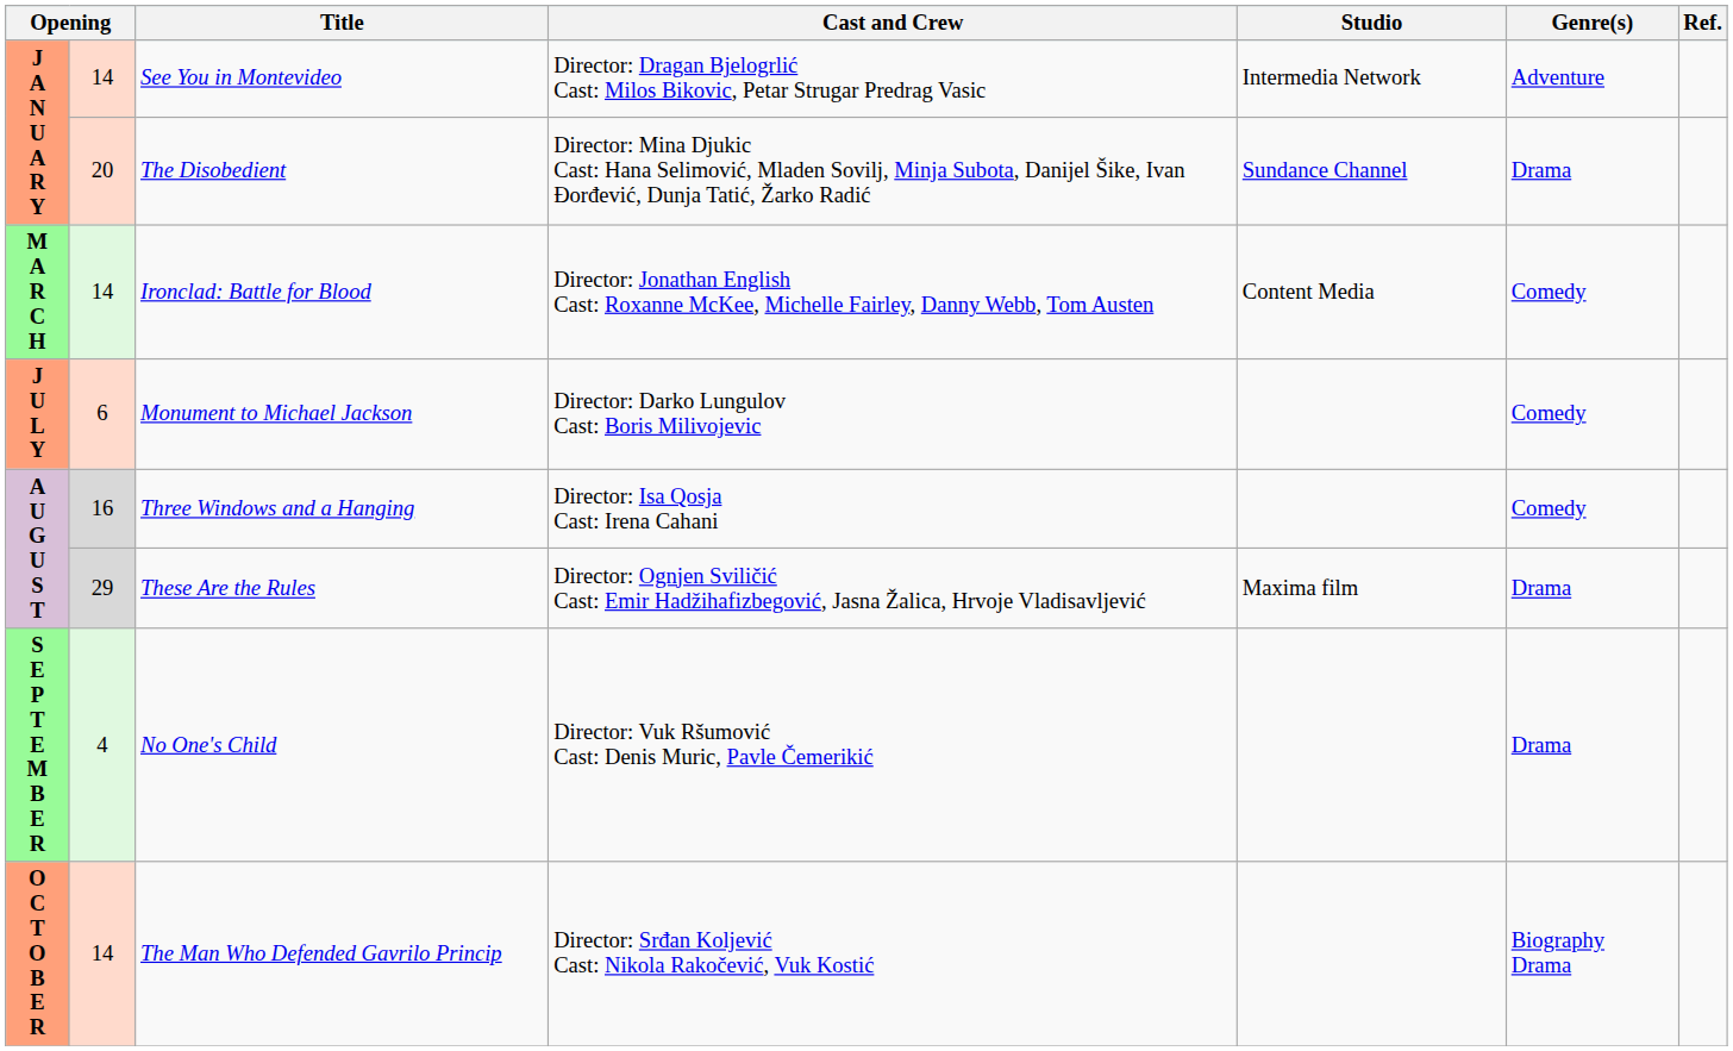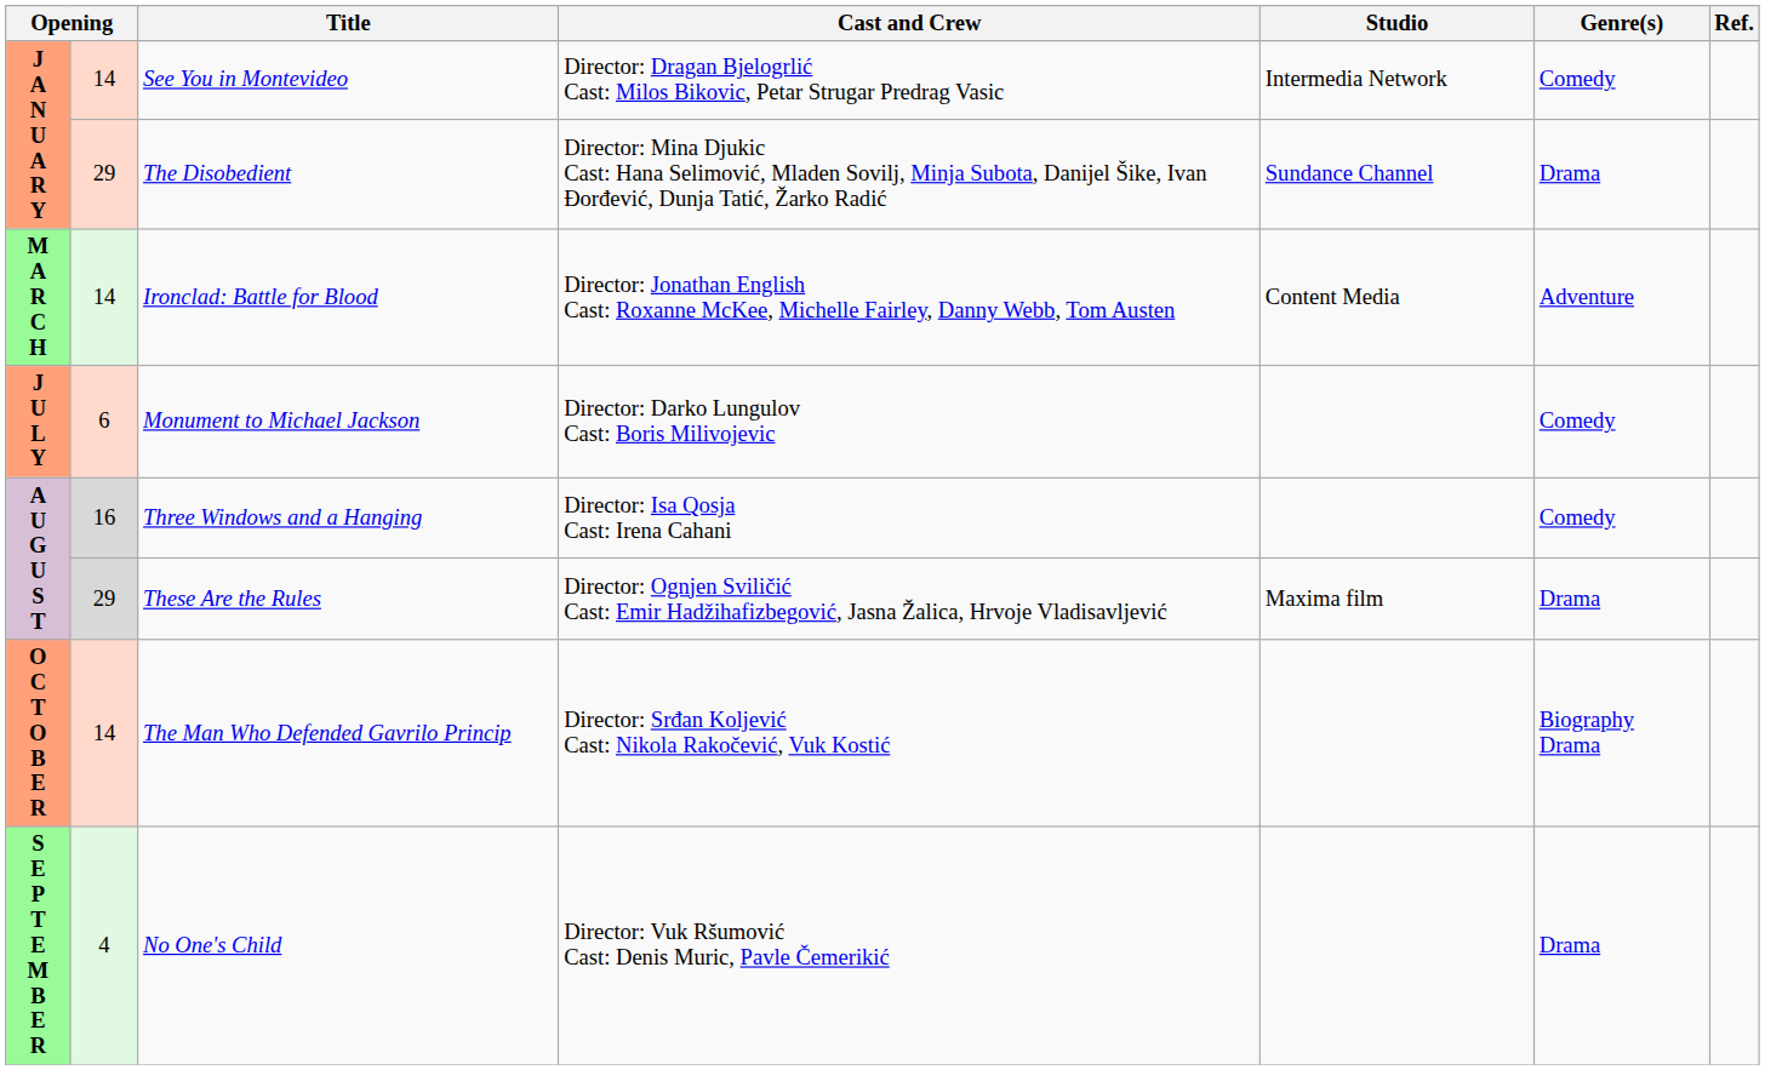 <table class="wikitable">
 <tr style="background:#b0e0e6; text-align:center;">
 <th colspan="2">Opening</th>
 <th style="width:24%;">Title</th>
 <th style="width:40%;">Cast and Crew</th>
 <th>Studio</th>
 <th style="width:10%;">Genre(s)</th>
 <th style="width:2%;">Ref.</th>
 </tr>
 <tr>
 <th rowspan="2" style="text-align:center; background:#ffa07a; textcolor:#000;">J<br>A<br>N<br>U<br>A<br>R<br>Y</th>
 <td rowspan="1" style="text-align:center; background:#ffdacc;">14</td>
 <td><em><a href='#'>See You in Montevideo</a></em></td>
 <td>Director: <a href='#'>Dragan Bjelogrlić</a> <br> Cast: <a href='#'>Milos Bikovic</a>, Petar Strugar Predrag Vasic</td>
 <td>Intermedia Network</td>
-<td><a href='#'>Adventure</a></td>
+<td><a href='#'>Comedy</a></td>
 <td style="text-align:center"></td>
 </tr>
 <tr>
-<td rowspan="1" style="text-align:center; background:#ffdacc;">20</td>
+<td rowspan="1" style="text-align:center; background:#ffdacc;">29</td>
 <td><em><a href='#'>The Disobedient</a></em></td>
 <td>Director: Mina Djukic <br> Cast: Hana Selimović, Mladen Sovilj, <a href='#'>Minja Subota</a>, Danijel Šike, Ivan Đorđević, Dunja Tatić, Žarko Radić</td>
 <td><a href='#'>Sundance Channel</a></td>
 <td><a href='#'>Drama</a></td>
 <td style="text-align:center"></td>
 </tr>
 <tr>
 <th rowspan="1" style="text-align:center; background:#98fb98; textcolor:#000;">M<br>A<br>R<br>C<br>H</th>
 <td rowspan="1" style="text-align:center; background:#e0f9e0;">14</td>
 <td><em><a href='#'>Ironclad: Battle for Blood</a></em></td>
 <td>Director: <a href='#'>Jonathan English</a> <br> Cast: <a href='#'>Roxanne McKee</a>, <a href='#'>Michelle Fairley</a>, <a href='#'>Danny Webb</a>, <a href='#'>Tom Austen</a></td>
 <td>Content Media</td>
-<td><a href='#'>Comedy</a></td>
+<td><a href='#'>Adventure</a></td>
 <td style="text-align:center"></td>
 </tr>
 <tr>
 <th rowspan="1" style="text-align:center; background:#ffa07a; textcolor:#000;">J<br>U<br>L<br>Y</th>
 <td rowspan="1" style="text-align:center; background:#ffdacc;">6</td>
 <td><em><a href='#'>Monument to Michael Jackson</a></em></td>
 <td>Director: Darko Lungulov <br> Cast: <a href='#'>Boris Milivojevic</a></td>
 <td></td>
 <td><a href='#'>Comedy</a></td>
 <td style="text-align:center"></td>
 </tr>
 <tr>
 <th rowspan="2" style="text-align:center; background:thistle; textcolor:#000;">A<br>U<br>G<br>U<br>S<br>T</th>
 <td rowspan="1" style="text-align:center; background:#d8d8d8;">16</td>
 <td><em><a href='#'>Three Windows and a Hanging</a></em></td>
 <td>Director: <a href='#'>Isa Qosja</a> <br> Cast: Irena Cahani</td>
 <td></td>
 <td><a href='#'>Comedy</a></td>
 <td style="text-align:center"></td>
 </tr>
 <tr>
 <td rowspan="1" style="text-align:center; background:#d8d8d8;">29</td>
 <td><em><a href='#'>These Are the Rules</a></em></td>
 <td>Director: <a href='#'>Ognjen Sviličić</a> <br> Cast: <a href='#'>Emir Hadžihafizbegović</a>, Jasna Žalica, Hrvoje Vladisavljević</td>
 <td>Maxima film</td>
 <td><a href='#'>Drama</a></td>
 <td style="text-align:center"></td>
 </tr>
 <tr>
+<th rowspan="1" style="text-align:center; background:#ffa07a; textcolor:#000;">O<br>C<br>T<br>O<br>B<br>E<br>R</th>
+<td rowspan="1" style="text-align:center; background:#ffdacc;">14</td>
+<td><em><a href='#'>The Man Who Defended Gavrilo Princip</a></em></td>
+<td>Director: <a href='#'>Srđan Koljević</a> <br> Cast: <a href='#'>Nikola Rakočević</a>, <a href='#'>Vuk Kostić</a></td>
+<td></td>
+<td><a href='#'>Biography</a> <br> <a href='#'>Drama</a></td>
+<td style="text-align:center"></td>
+</tr>
+<tr>
 <th rowspan="1" style="text-align:center; background:#98fb98; textcolor:#000;">S<br>E<br>P<br>T<br>E<br>M<br>B<br>E<br>R</th>
 <td rowspan="1" style="text-align:center; background:#e0f9e0;">4</td>
 <td><em><a href='#'>No One's Child</a></em></td>
 <td>Director: Vuk Ršumović <br> Cast: Denis Muric, <a href='#'>Pavle Čemerikić</a></td>
 <td></td>
 <td><a href='#'>Drama</a></td>
 <td style="text-align:center"></td>
 </tr>
 <tr>
-<th rowspan="1" style="text-align:center; background:#ffa07a; textcolor:#000;">O<br>C<br>T<br>O<br>B<br>E<br>R</th>
-<td rowspan="1" style="text-align:center; background:#ffdacc;">14</td>
-<td><em><a href='#'>The Man Who Defended Gavrilo Princip</a></em></td>
-<td>Director: <a href='#'>Srđan Koljević</a> <br> Cast: <a href='#'>Nikola Rakočević</a>, <a href='#'>Vuk Kostić</a></td>
-<td></td>
-<td><a href='#'>Biography</a> <br> <a href='#'>Drama</a></td>
-<td style="text-align:center"></td>
-</tr>
-<tr>
 </tr>
 </table>
